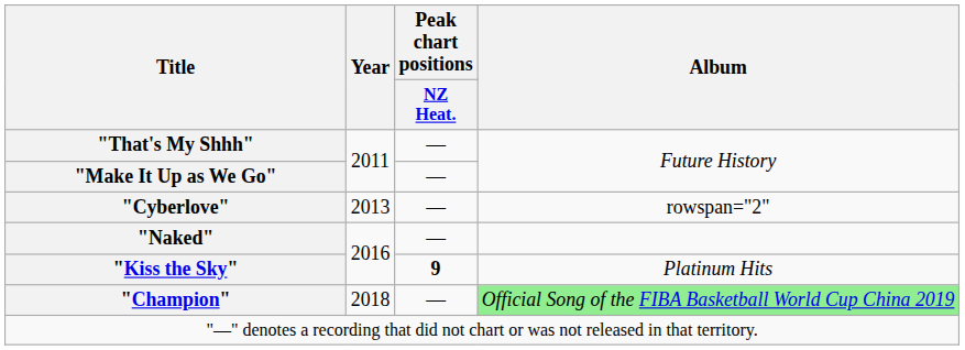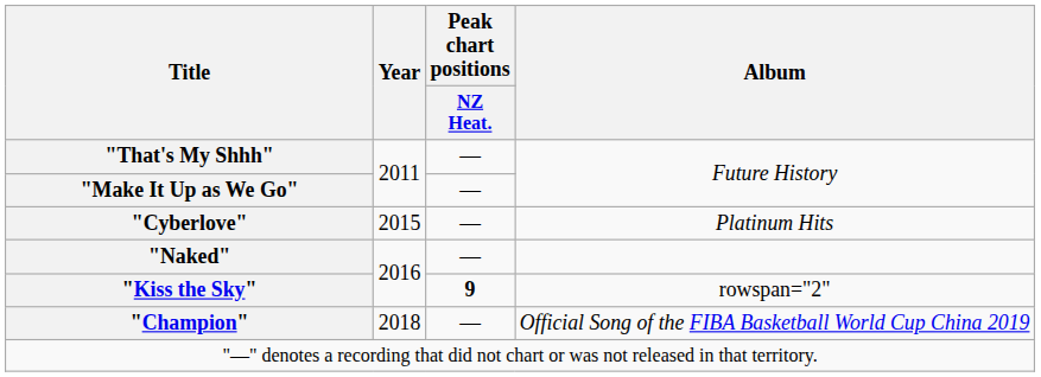 <table class="wikitable plainrowheaders" style="text-align:center;">
 <tr>
 <th scope="col" rowspan="2" style="width:17em;">Title</th>
 <th scope="col" rowspan="2" style="width:1em;">Year</th>
 <th scope="col">Peak chart positions</th>
 <th scope="col" rowspan="2">Album</th>
 </tr>
 <tr>
 <th scope="col" style="width:2.5em;font-size:90%;"><a href='#'>NZ<br>Heat.</a><br></th>
 </tr>
 <tr>
 <th scope="row">"That's My Shhh"</th>
 <td rowspan="2">2011</td>
 <td>—</td>
 <td rowspan="2"><em>Future History</em></td>
 </tr>
 <tr>
 <th scope="row">"Make It Up as We Go"</th>
 <td>—</td>
 </tr>
 <tr>
 <th scope="row">"Cyberlove"<br></th>
-<td>2013</td>
+<td>2015</td>
 <td>—</td>
-<td>rowspan="2" </td>
+<td><em>Platinum Hits</em></td>
 </tr>
 <tr>
 <th scope="row">"Naked"</th>
 <td rowspan="2">2016</td>
 <td>—</td>
 </tr>
 <tr>
 <th scope="row">"<a href='#'>Kiss the Sky</a>"</th>
 <td><strong>9</strong></td>
-<td><em>Platinum Hits</em></td>
+<td>rowspan="2" </td>
 </tr>
 <tr>
 <th scope="row">"<a href='#'>Champion</a>"<br></th>
 <td>2018</td>
 <td>—</td>
-<td style="background: lightgreen;"><em>Official Song of the <a href='#'>FIBA Basketball World Cup China 2019</a></em></td>
+<td><em>Official Song of the <a href='#'>FIBA Basketball World Cup China 2019</a></em></td>
 </tr>
 <tr>
 <td colspan="14" style="font-size:90%">"—" denotes a recording that did not chart or was not released in that territory.</td>
 </tr>
 </table>
